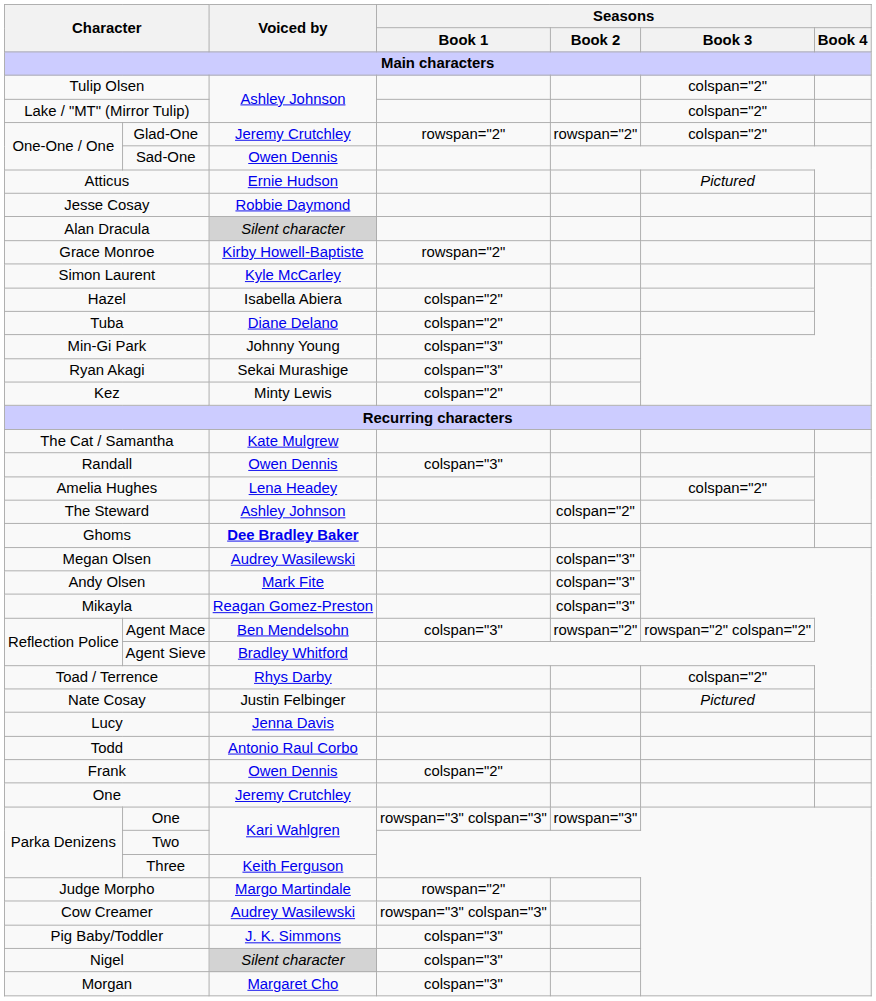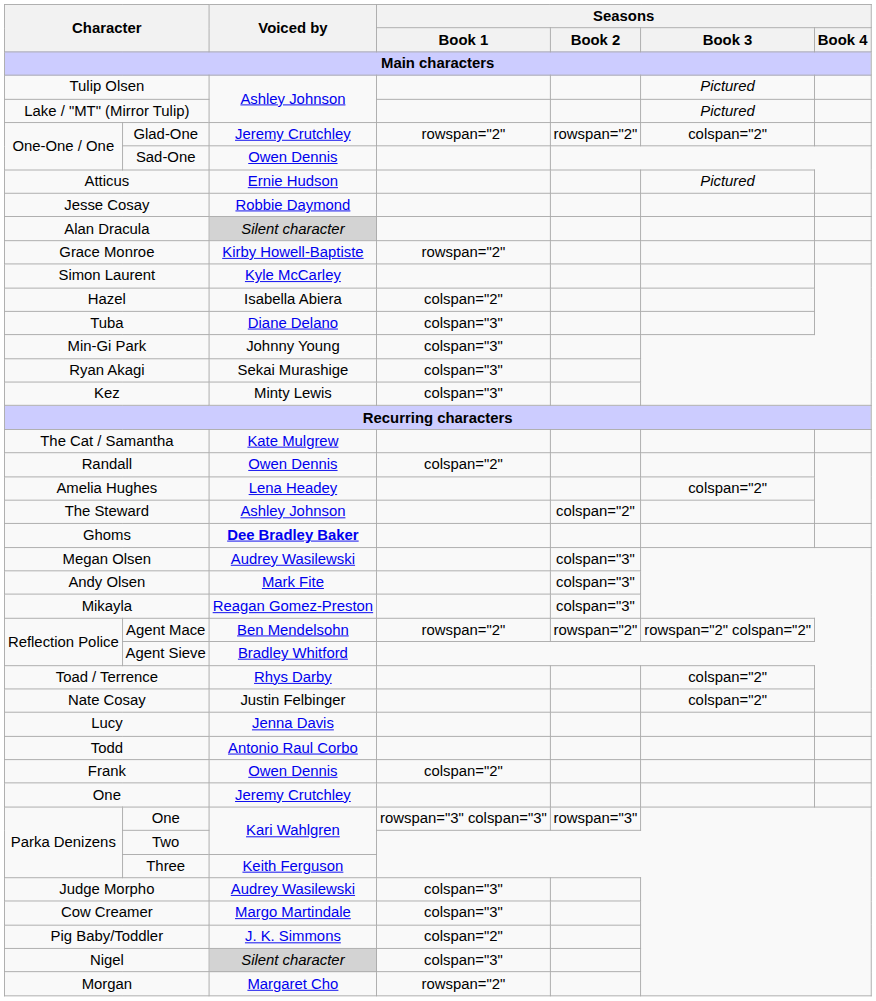 <table class="wikitable plainrowheaders" style="text-align:center;">
 <tr>
 <th scope="col" rowspan="2" colspan="2">Character</th>
 <th scope="col" rowspan="2">Voiced by</th>
 <th scope="col" colspan="4">Seasons</th>
 </tr>
 <tr>
 <th>Book 1</th>
 <th>Book 2</th>
 <th>Book 3</th>
 <th>Book 4</th>
 </tr>
 <tr>
 <th colspan="7" style="background:#ccf;">Main characters</th>
 </tr>
 <tr>
 <td scope="row" colspan="2">Tulip Olsen</td>
 <td rowspan="2"><a href='#'>Ashley Johnson</a></td>
 <td></td>
 <td></td>
-<td>colspan="2" </td>
+<td><em>Pictured</em></td>
 </tr>
 <tr>
 <td scope="row" colspan="2">Lake / "MT" (Mirror Tulip)</td>
 <td></td>
 <td></td>
-<td>colspan="2" </td>
+<td><em>Pictured</em></td>
 <td></td>
 </tr>
 <tr>
 <td scope="row" rowspan="2">One-One / One</td>
 <td>Glad-One</td>
 <td><a href='#'>Jeremy Crutchley</a></td>
 <td>rowspan="2" </td>
 <td>rowspan="2" </td>
 <td>colspan="2" </td>
 <td></td>
 </tr>
 <tr>
 <td>Sad-One</td>
 <td><a href='#'>Owen Dennis</a></td>
 <td></td>
 </tr>
 <tr>
 <td scope="row" colspan="2">Atticus</td>
 <td><a href='#'>Ernie Hudson</a></td>
 <td></td>
 <td></td>
 <td><em>Pictured</em></td>
 </tr>
 <tr>
 <td scope="row" colspan="2">Jesse Cosay</td>
 <td><a href='#'>Robbie Daymond</a></td>
 <td></td>
 <td></td>
 <td></td>
 <td></td>
 </tr>
 <tr>
 <td scope="row" colspan="2">Alan Dracula</td>
 <td style="background:#d3d3d3;"><em>Silent character</em></td>
 <td></td>
 <td></td>
 <td></td>
 <td></td>
 </tr>
 <tr>
 <td scope="row" colspan="2">Grace Monroe</td>
 <td><a href='#'>Kirby Howell-Baptiste</a></td>
 <td>rowspan="2" </td>
 <td></td>
 <td></td>
 <td></td>
 </tr>
 <tr>
 <td scope="row" colspan="2">Simon Laurent</td>
 <td><a href='#'>Kyle McCarley</a></td>
 <td></td>
 <td></td>
 <td></td>
 </tr>
 <tr>
 <td scope="row" colspan="2">Hazel</td>
 <td>Isabella Abiera</td>
 <td>colspan="2" </td>
 <td></td>
 <td></td>
 </tr>
 <tr>
 <td scope="row" colspan="2">Tuba</td>
 <td><a href='#'>Diane Delano</a></td>
-<td>colspan="2" </td>
+<td>colspan="3" </td>
 <td></td>
 <td></td>
 </tr>
 <tr>
 <td scope="row" colspan="2">Min-Gi Park</td>
 <td>Johnny Young</td>
 <td>colspan="3" </td>
 <td></td>
 </tr>
 <tr>
 <td scope="row" colspan="2">Ryan Akagi</td>
 <td>Sekai Murashige</td>
 <td>colspan="3" </td>
 <td></td>
 </tr>
 <tr>
 <td scope="row" colspan="2">Kez</td>
 <td>Minty Lewis</td>
-<td>colspan="2" </td>
+<td>colspan="3" </td>
 <td></td>
 </tr>
 <tr>
 <th colspan="7" style="background:#ccf;">Recurring characters</th>
 </tr>
 <tr>
 <td scope="row" colspan="2">The Cat / Samantha</td>
 <td><a href='#'>Kate Mulgrew</a></td>
 <td></td>
 <td></td>
 <td></td>
 <td></td>
 </tr>
 <tr>
 <td scope="row" colspan="2">Randall</td>
 <td><a href='#'>Owen Dennis</a></td>
-<td>colspan="3" </td>
+<td>colspan="2" </td>
 <td></td>
 <td></td>
 </tr>
 <tr>
 <td scope="row" colspan="2">Amelia Hughes</td>
 <td><a href='#'>Lena Headey</a></td>
 <td></td>
 <td></td>
 <td>colspan="2" </td>
 </tr>
 <tr>
 <td scope="row" colspan="2">The Steward</td>
 <td><a href='#'>Ashley Johnson</a></td>
 <td></td>
 <td>colspan="2" </td>
 <td></td>
 </tr>
 <tr>
 <td scope="row" colspan="2">Ghoms</td>
 <td><strong><a href='#'>Dee Bradley Baker</a></strong></td>
 <td></td>
 <td></td>
 <td></td>
 <td></td>
 </tr>
 <tr>
 <td scope="row" colspan="2">Megan Olsen</td>
 <td><a href='#'>Audrey Wasilewski</a></td>
 <td></td>
 <td>colspan="3" </td>
 </tr>
 <tr>
 <td scope="row" colspan="2">Andy Olsen</td>
 <td><a href='#'>Mark Fite</a></td>
 <td></td>
 <td>colspan="3" </td>
 </tr>
 <tr>
 <td scope="row" colspan="2">Mikayla</td>
 <td><a href='#'>Reagan Gomez-Preston</a></td>
 <td></td>
 <td>colspan="3" </td>
 </tr>
 <tr>
 <td scope="row" rowspan="2">Reflection Police</td>
 <td>Agent Mace</td>
 <td><a href='#'>Ben Mendelsohn</a></td>
-<td>colspan="3" </td>
+<td>rowspan="2" </td>
 <td>rowspan="2" </td>
 <td>rowspan="2" colspan="2" </td>
 </tr>
 <tr>
 <td>Agent Sieve</td>
 <td><a href='#'>Bradley Whitford</a></td>
 </tr>
 <tr>
 <td scope="row" colspan="2">Toad / Terrence</td>
 <td><a href='#'>Rhys Darby</a></td>
 <td></td>
 <td></td>
 <td>colspan="2" </td>
 </tr>
 <tr>
 <td scope="row" colspan="2">Nate Cosay</td>
 <td>Justin Felbinger</td>
 <td></td>
 <td></td>
-<td><em>Pictured</em></td>
+<td>colspan="2" </td>
 </tr>
 <tr>
 <td scope="row" colspan="2">Lucy</td>
 <td><a href='#'>Jenna Davis</a></td>
 <td></td>
 <td></td>
 <td></td>
 <td></td>
 </tr>
 <tr>
 <td scope="row" colspan="2">Todd</td>
 <td><a href='#'>Antonio Raul Corbo</a></td>
 <td></td>
 <td></td>
 <td></td>
 <td></td>
 </tr>
 <tr>
 <td scope="row" colspan="2">Frank</td>
 <td><a href='#'>Owen Dennis</a></td>
 <td>colspan="2" </td>
 <td></td>
 <td></td>
 </tr>
 <tr>
 <td scope="row" colspan="2">One</td>
 <td><a href='#'>Jeremy Crutchley</a></td>
 <td></td>
 <td></td>
 <td></td>
 <td></td>
 </tr>
 <tr>
 <td scope="row" rowspan="3">Parka Denizens</td>
 <td>One</td>
 <td rowspan="2"><a href='#'>Kari Wahlgren</a></td>
 <td>rowspan="3" colspan="3" </td>
 <td>rowspan="3"  </td>
 </tr>
 <tr>
 <td>Two</td>
 </tr>
 <tr>
 <td>Three</td>
 <td><a href='#'>Keith Ferguson</a></td>
 </tr>
 <tr>
 <td scope="row" colspan="2">Judge Morpho</td>
-<td><a href='#'>Margo Martindale</a></td>
-<td>rowspan="2" </td>
+<td><a href='#'>Audrey Wasilewski</a></td>
+<td>colspan="3" </td>
 <td></td>
 </tr>
 <tr>
 <td scope="row" colspan="2">Cow Creamer</td>
-<td><a href='#'>Audrey Wasilewski</a></td>
-<td>rowspan="3" colspan="3" </td>
+<td><a href='#'>Margo Martindale</a></td>
+<td>colspan="3" </td>
 <td></td>
 </tr>
 <tr>
 <td scope="row" colspan="2">Pig Baby/Toddler</td>
 <td><a href='#'>J. K. Simmons</a></td>
-<td>colspan="3" </td>
+<td>colspan="2" </td>
 <td></td>
 </tr>
 <tr>
 <td scope="row" colspan="2">Nigel</td>
 <td style="background:#d3d3d3;"><em>Silent character</em></td>
 <td>colspan="3" </td>
 <td></td>
 </tr>
 <tr>
 <td scope="row" colspan="2">Morgan</td>
 <td><a href='#'>Margaret Cho</a></td>
-<td>colspan="3" </td>
+<td>rowspan="2" </td>
 <td></td>
 </tr>
 </table>
